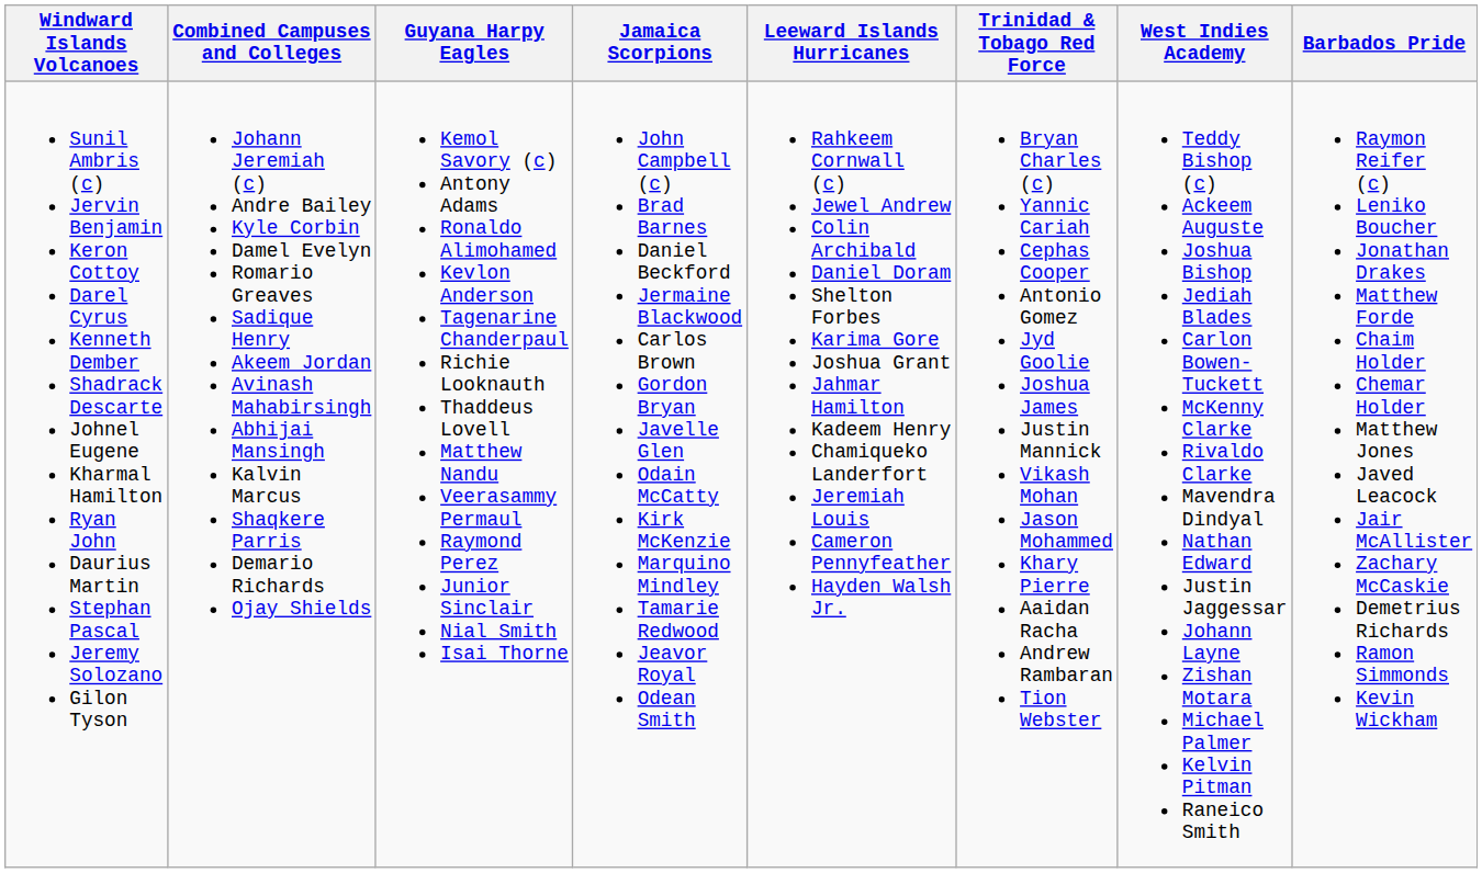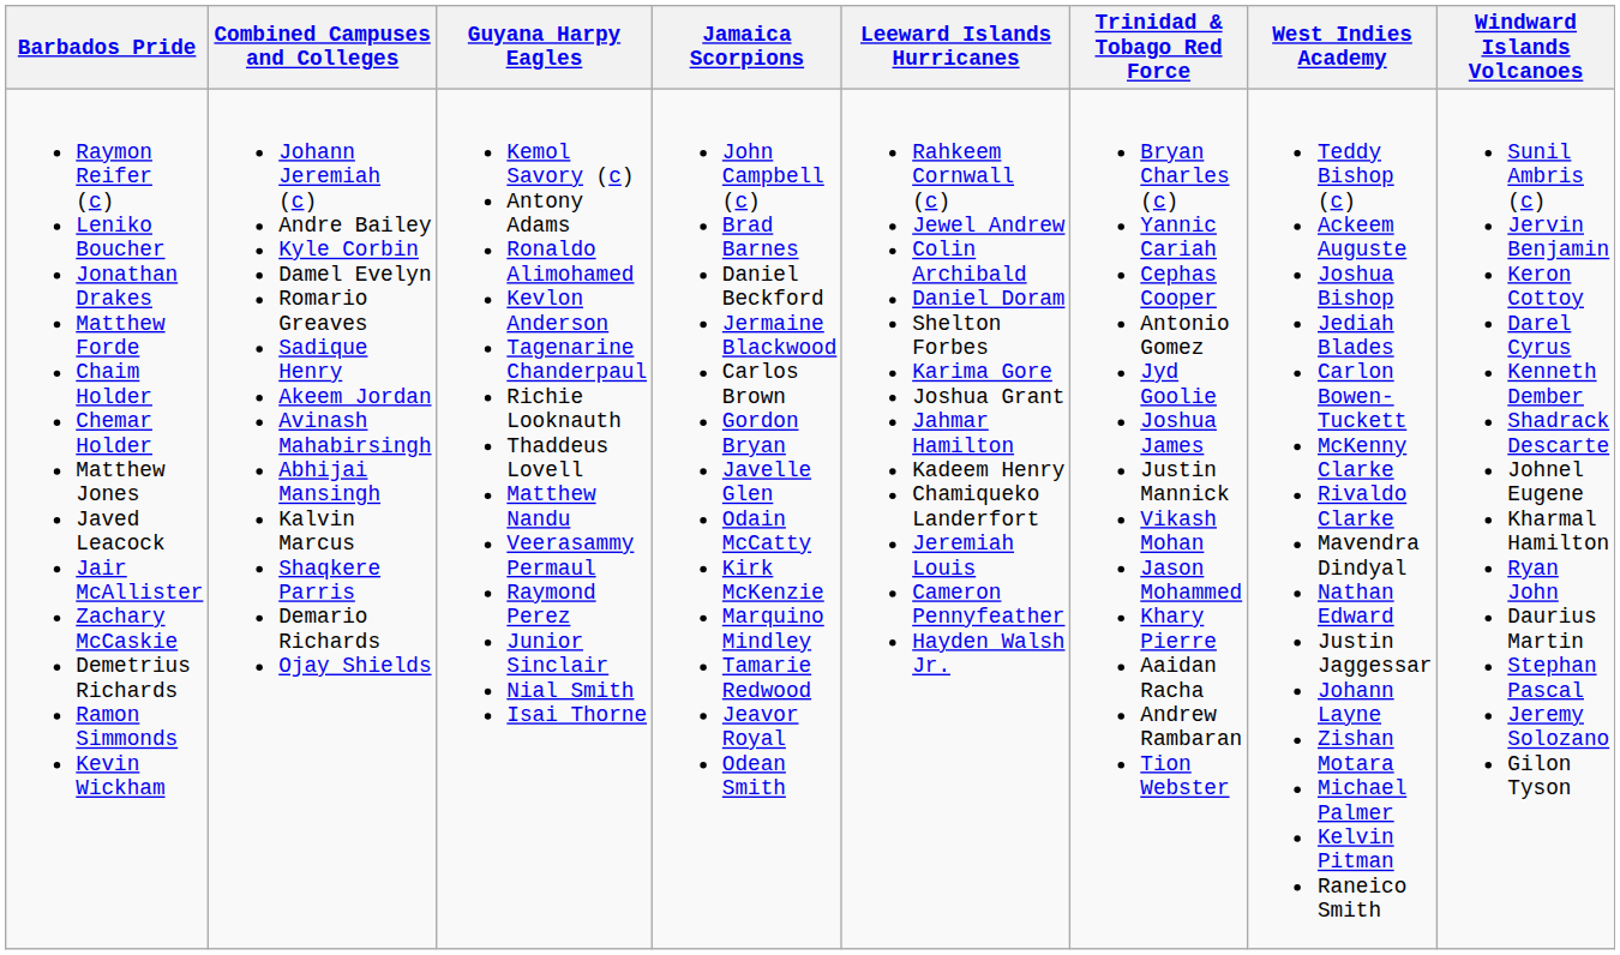 <table class="wikitable" style="text-align:left; margin:auto">
 <tr>
-<th><a href='#'>Windward Islands Volcanoes</a></th>
+<th><a href='#'>Barbados Pride</a></th>
 <th><a href='#'>Combined Campuses and Colleges</a></th>
 <th><a href='#'>Guyana Harpy Eagles</a></th>
 <th><a href='#'>Jamaica Scorpions</a></th>
 <th><a href='#'>Leeward Islands Hurricanes</a></th>
 <th><a href='#'>Trinidad & Tobago Red Force</a></th>
 <th><a href='#'>West Indies Academy</a></th>
-<th><a href='#'>Barbados Pride</a></th>
+<th><a href='#'>Windward Islands Volcanoes</a></th>
 </tr>
 <tr>
-<td valign=top><br><ul><li><a href='#'>Sunil Ambris</a> (<a href='#'>c</a>)</li><li><a href='#'>Jervin Benjamin</a></li><li><a href='#'>Keron Cottoy</a></li><li><a href='#'>Darel Cyrus</a></li><li><a href='#'>Kenneth Dember</a></li><li><a href='#'>Shadrack Descarte</a></li><li>Johnel Eugene</li><li>Kharmal Hamilton</li><li><a href='#'>Ryan John</a></li><li>Daurius Martin</li><li><a href='#'>Stephan Pascal</a></li><li><a href='#'>Jeremy Solozano</a></li><li>Gilon Tyson</li></ul></td>
+<td valign=top><br><ul><li><a href='#'>Raymon Reifer</a> (<a href='#'>c</a>)</li><li><a href='#'>Leniko Boucher</a></li><li><a href='#'>Jonathan Drakes</a></li><li><a href='#'>Matthew Forde</a></li><li><a href='#'>Chaim Holder</a></li><li><a href='#'>Chemar Holder</a></li><li>Matthew Jones</li><li>Javed Leacock</li><li><a href='#'>Jair McAllister</a></li><li><a href='#'>Zachary McCaskie</a></li><li>Demetrius Richards</li><li><a href='#'>Ramon Simmonds</a></li><li><a href='#'>Kevin Wickham</a></li></ul></td>
 <td valign=top><br><ul><li><a href='#'>Johann Jeremiah</a> (<a href='#'>c</a>)</li><li>Andre Bailey</li><li><a href='#'>Kyle Corbin</a></li><li>Damel Evelyn</li><li>Romario Greaves</li><li><a href='#'>Sadique Henry</a></li><li><a href='#'>Akeem Jordan</a></li><li><a href='#'>Avinash Mahabirsingh</a></li><li><a href='#'>Abhijai Mansingh</a></li><li>Kalvin Marcus</li><li><a href='#'>Shaqkere Parris</a></li><li>Demario Richards</li><li><a href='#'>Ojay Shields</a></li></ul></td>
 <td valign=top><br><ul><li><a href='#'>Kemol Savory</a> (<a href='#'>c</a>)</li><li>Antony Adams</li><li><a href='#'>Ronaldo Alimohamed</a></li><li><a href='#'>Kevlon Anderson</a></li><li><a href='#'>Tagenarine Chanderpaul</a></li><li>Richie Looknauth</li><li>Thaddeus Lovell</li><li><a href='#'>Matthew Nandu</a></li><li><a href='#'>Veerasammy Permaul</a></li><li><a href='#'>Raymond Perez</a></li><li><a href='#'>Junior Sinclair</a></li><li><a href='#'>Nial Smith</a></li><li><a href='#'>Isai Thorne</a></li></ul></td>
 <td valign=top><br><ul><li><a href='#'>John Campbell</a> (<a href='#'>c</a>)</li><li><a href='#'>Brad Barnes</a></li><li>Daniel Beckford</li><li><a href='#'>Jermaine Blackwood</a></li><li>Carlos Brown</li><li><a href='#'>Gordon Bryan</a></li><li><a href='#'>Javelle Glen</a></li><li><a href='#'>Odain McCatty</a></li><li><a href='#'>Kirk McKenzie</a></li><li><a href='#'>Marquino Mindley</a></li><li><a href='#'>Tamarie Redwood</a></li><li><a href='#'>Jeavor Royal</a></li><li><a href='#'>Odean Smith</a></li></ul></td>
 <td valign=top><br><ul><li><a href='#'>Rahkeem Cornwall</a> (<a href='#'>c</a>)</li><li><a href='#'>Jewel Andrew</a></li><li><a href='#'>Colin Archibald</a></li><li><a href='#'>Daniel Doram</a></li><li>Shelton Forbes</li><li><a href='#'>Karima Gore</a></li><li>Joshua Grant</li><li><a href='#'>Jahmar Hamilton</a></li><li>Kadeem Henry</li><li>Chamiqueko Landerfort</li><li><a href='#'>Jeremiah Louis</a></li><li><a href='#'>Cameron Pennyfeather</a></li><li><a href='#'>Hayden Walsh Jr.</a></li></ul></td>
 <td valign=top><br><ul><li><a href='#'>Bryan Charles</a> (<a href='#'>c</a>)</li><li><a href='#'>Yannic Cariah</a></li><li><a href='#'>Cephas Cooper</a></li><li>Antonio Gomez</li><li><a href='#'>Jyd Goolie</a></li><li><a href='#'>Joshua James</a></li><li>Justin Mannick</li><li><a href='#'>Vikash Mohan</a></li><li><a href='#'>Jason Mohammed</a></li><li><a href='#'>Khary Pierre</a></li><li>Aaidan Racha</li><li>Andrew Rambaran</li><li><a href='#'>Tion Webster</a></li></ul></td>
 <td valign=top><br><ul><li><a href='#'>Teddy Bishop</a> (<a href='#'>c</a>)</li><li><a href='#'>Ackeem Auguste</a></li><li><a href='#'>Joshua Bishop</a></li><li><a href='#'>Jediah Blades</a></li><li><a href='#'>Carlon Bowen-Tuckett</a></li><li><a href='#'>McKenny Clarke</a></li><li><a href='#'>Rivaldo Clarke</a></li><li>Mavendra Dindyal</li><li><a href='#'>Nathan Edward</a></li><li>Justin Jaggessar</li><li><a href='#'>Johann Layne</a></li><li><a href='#'>Zishan Motara</a></li><li><a href='#'>Michael Palmer</a></li><li><a href='#'>Kelvin Pitman</a></li><li>Raneico Smith</li></ul></td>
-<td valign=top><br><ul><li><a href='#'>Raymon Reifer</a> (<a href='#'>c</a>)</li><li><a href='#'>Leniko Boucher</a></li><li><a href='#'>Jonathan Drakes</a></li><li><a href='#'>Matthew Forde</a></li><li><a href='#'>Chaim Holder</a></li><li><a href='#'>Chemar Holder</a></li><li>Matthew Jones</li><li>Javed Leacock</li><li><a href='#'>Jair McAllister</a></li><li><a href='#'>Zachary McCaskie</a></li><li>Demetrius Richards</li><li><a href='#'>Ramon Simmonds</a></li><li><a href='#'>Kevin Wickham</a></li></ul></td>
+<td valign=top><br><ul><li><a href='#'>Sunil Ambris</a> (<a href='#'>c</a>)</li><li><a href='#'>Jervin Benjamin</a></li><li><a href='#'>Keron Cottoy</a></li><li><a href='#'>Darel Cyrus</a></li><li><a href='#'>Kenneth Dember</a></li><li><a href='#'>Shadrack Descarte</a></li><li>Johnel Eugene</li><li>Kharmal Hamilton</li><li><a href='#'>Ryan John</a></li><li>Daurius Martin</li><li><a href='#'>Stephan Pascal</a></li><li><a href='#'>Jeremy Solozano</a></li><li>Gilon Tyson</li></ul></td>
 </tr>
 </table>
